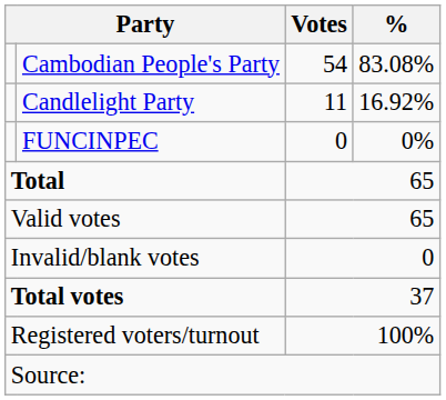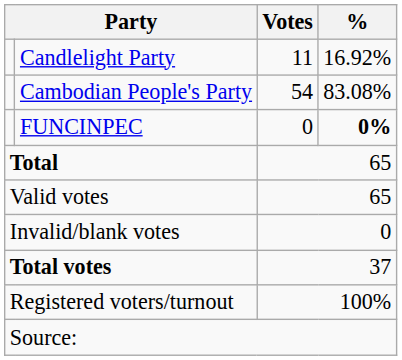 <table class="wikitable mw-collapsible mw-collapsed" style="text-align:right">
 <tr>
 <th colspan="2">Party</th>
 <th>Votes</th>
 <th>%</th>
+</tr>
+<tr>
+<td></td>
+<td align="left"><a href='#'>Candlelight Party</a></td>
+<td>11</td>
+<td>16.92%</td>
 </tr>
 <tr>
 <td></td>
 <td align="left"><a href='#'>Cambodian People's Party</a></td>
 <td>54</td>
 <td>83.08%</td>
 </tr>
 <tr>
 <td></td>
-<td align="left"><a href='#'>Candlelight Party</a></td>
-<td>11</td>
-<td>16.92%</td>
-</tr>
-<tr>
-<td></td>
 <td align="left"><a href='#'>FUNCINPEC</a></td>
 <td>0</td>
-<td>0%</td>
+<td><strong>0%</strong></td>
 </tr>
 <tr>
 <td colspan="2" style="text-align:left;"><strong>Total</strong></td>
 <td colspan="2">65</td>
 </tr>
 <tr>
 <td colspan="2" style="text-align:left;">Valid votes</td>
 <td colspan="2">65</td>
 </tr>
 <tr>
 <td colspan="2" style="text-align:left;">Invalid/blank votes</td>
 <td colspan="2">0</td>
 </tr>
 <tr>
 <td colspan="2" style="text-align:left;"><strong>Total votes</strong></td>
 <td colspan="2">37</td>
 </tr>
 <tr>
 <td colspan="2" style="text-align:left;">Registered voters/turnout</td>
 <td colspan="2">100%</td>
 </tr>
 <tr>
 <td colspan="4" style="text-align:left;">Source: </td>
 </tr>
 </table>
